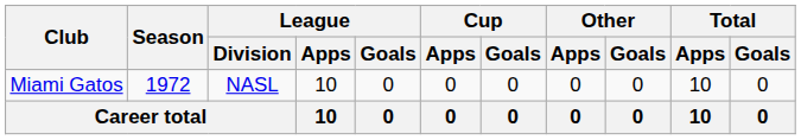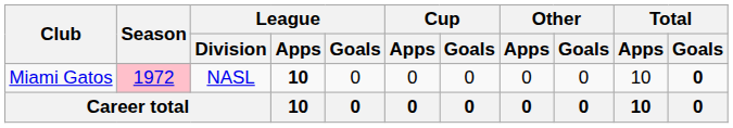 <table class="wikitable" style="text-align:center">
 <tr>
 <th rowspan="2">Club</th>
 <th rowspan="2">Season</th>
 <th colspan="3">League</th>
 <th colspan="2">Cup</th>
 <th colspan="2">Other</th>
 <th colspan="2">Total</th>
 </tr>
 <tr>
 <th>Division</th>
 <th>Apps</th>
 <th>Goals</th>
 <th>Apps</th>
 <th>Goals</th>
 <th>Apps</th>
 <th>Goals</th>
 <th>Apps</th>
 <th>Goals</th>
 </tr>
 <tr>
 <td><a href='#'>Miami Gatos</a></td>
-<td><a href='#'>1972</a></td>
+<td style="background: pink;"><a href='#'>1972</a></td>
 <td><a href='#'>NASL</a></td>
-<td>10</td>
+<td><strong>10</strong></td>
 <td>0</td>
 <td>0</td>
 <td>0</td>
 <td>0</td>
 <td>0</td>
 <td>10</td>
-<td>0</td>
+<td><strong>0</strong></td>
 </tr>
 <tr>
 <th colspan="3">Career total</th>
 <th>10</th>
 <th>0</th>
 <th>0</th>
 <th>0</th>
 <th>0</th>
 <th>0</th>
 <th>10</th>
 <th>0</th>
 </tr>
 </table>
